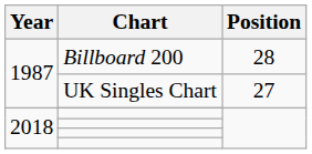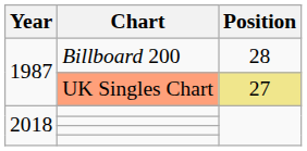 <table class="wikitable">
 <tr>
 <th>Year</th>
 <th>Chart</th>
 <th>Position</th>
 </tr>
 <tr>
 <td rowspan="2">1987</td>
 <td><em>Billboard</em> 200</td>
 <td style="text-align:center;">28</td>
 </tr>
 <tr>
-<td>UK Singles Chart</td>
-<td style="text-align:center;">27</td>
+<td style="background: lightsalmon;">UK Singles Chart</td>
+<td style="background: khaki; text-align:center;">27</td>
 </tr>
 <tr>
 <td rowspan="5">2018</td>
 </tr>
 <tr>
 <td></td>
 </tr>
 <tr>
 <td></td>
 </tr>
 <tr>
 <td></td>
 </tr>
 <tr>
 <td></td>
 </tr>
 </table>
